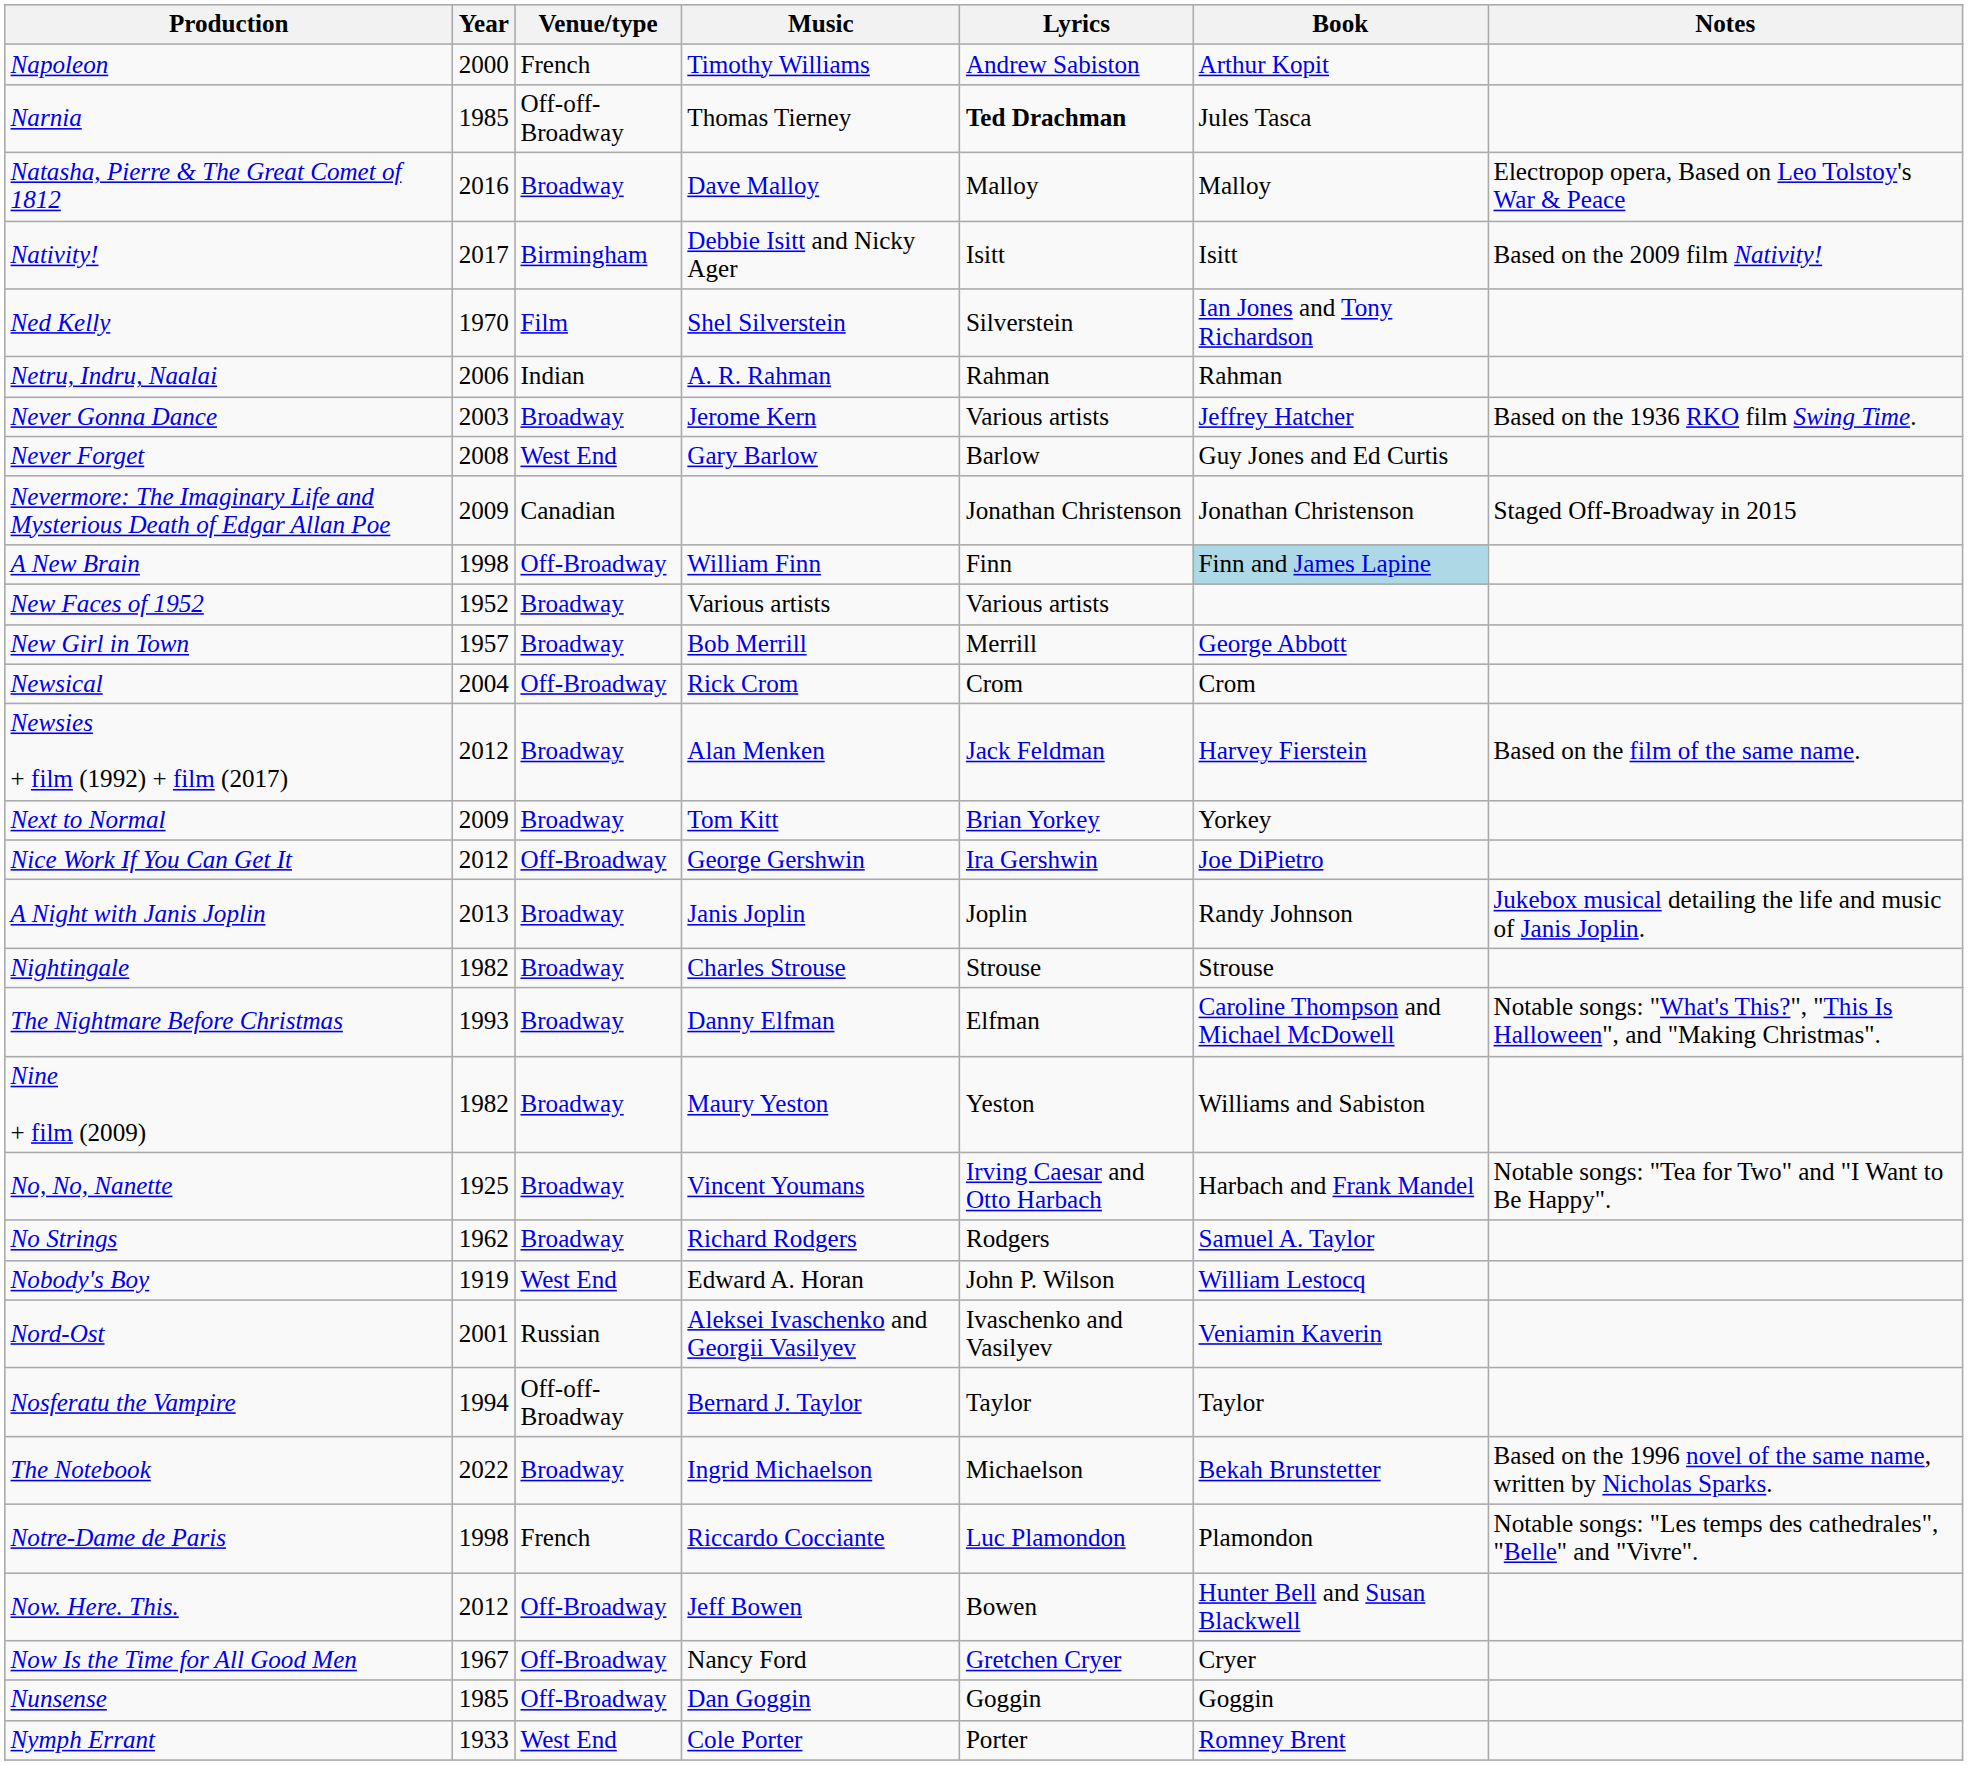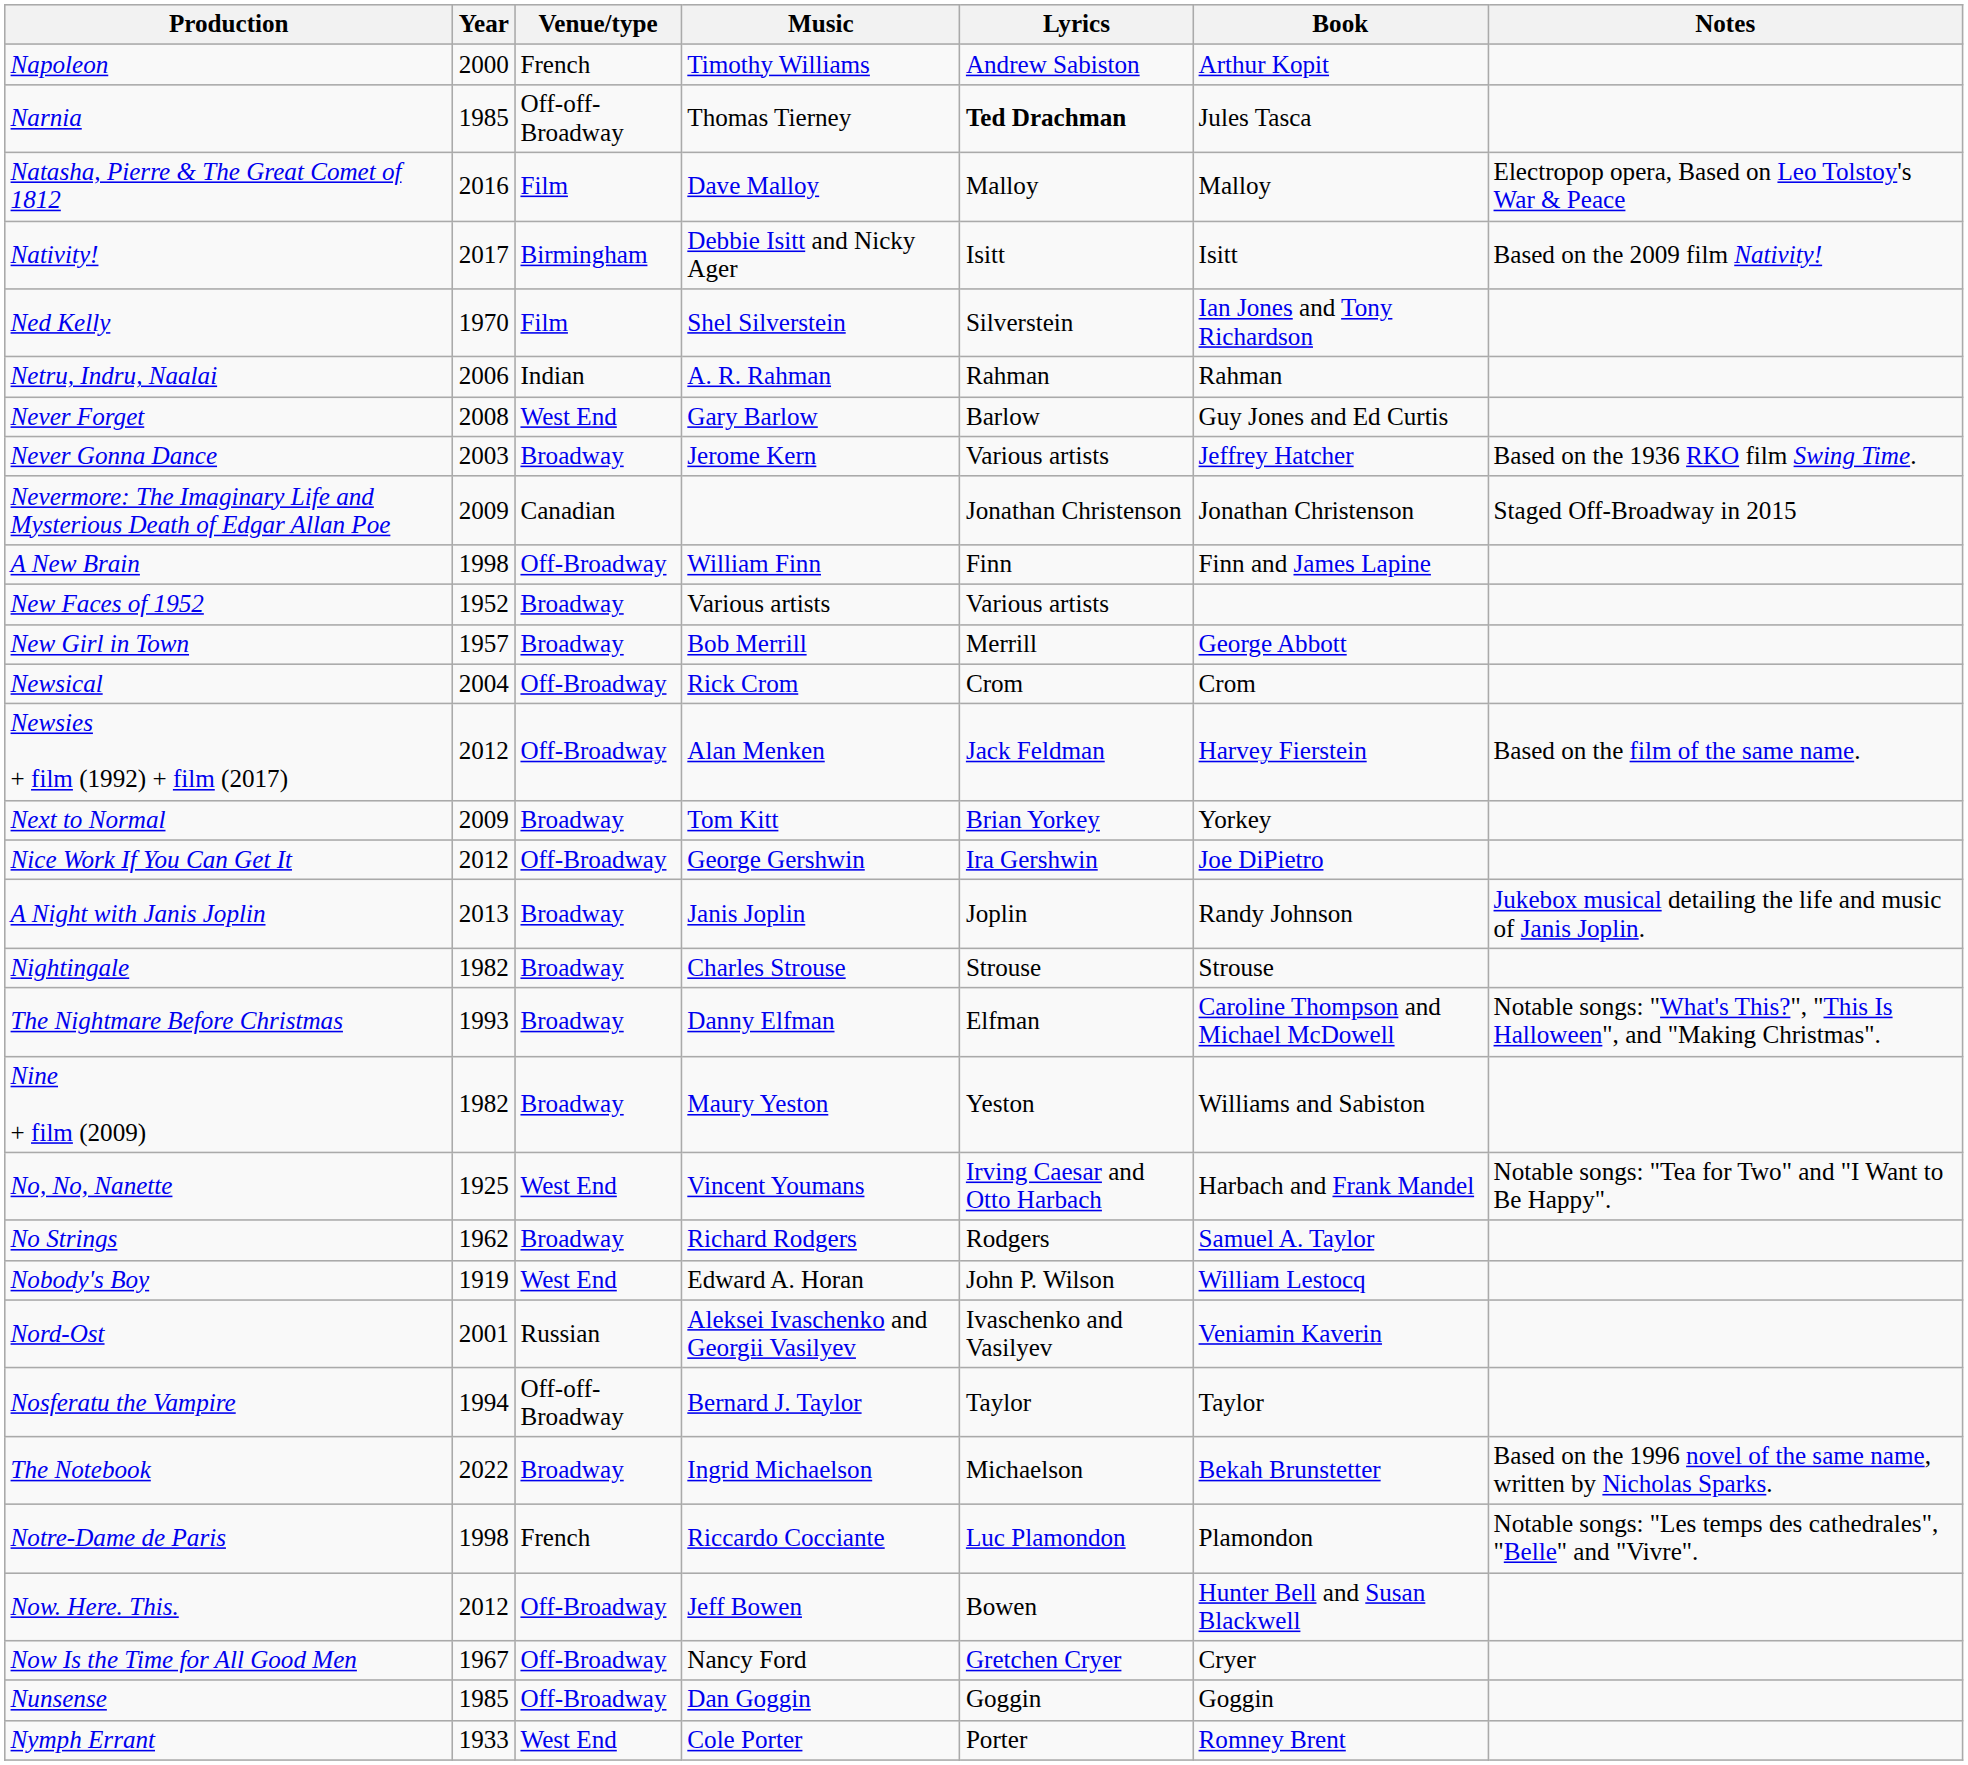 <table class="wikitable sortable">
 <tr>
 <th scope="col">Production</th>
 <th scope="col">Year</th>
 <th scope="col">Venue/type</th>
 <th scope="col">Music</th>
 <th scope="col">Lyrics</th>
 <th scope="col">Book</th>
 <th scope="col">Notes</th>
 </tr>
 <tr>
 <td><em><a href='#'>Napoleon</a></em></td>
 <td style="text-align: center">2000</td>
 <td>French</td>
 <td><a href='#'>Timothy Williams</a></td>
 <td><a href='#'>Andrew Sabiston</a></td>
 <td><a href='#'>Arthur Kopit</a></td>
 <td></td>
 </tr>
 <tr>
 <td><em><a href='#'>Narnia</a></em></td>
 <td style="text-align: center">1985</td>
 <td>Off-off-Broadway</td>
 <td>Thomas Tierney</td>
 <td><strong>Ted Drachman</strong></td>
 <td>Jules Tasca</td>
 <td></td>
 </tr>
 <tr>
 <td data-sort-value="Natasha Pierre and The Great Comet of 1812"><em><a href='#'>Natasha, Pierre & The Great Comet of 1812</a></em></td>
 <td style="text-align: center">2016</td>
-<td><a href='#'>Broadway</a></td>
+<td><a href='#'>Film</a></td>
 <td><a href='#'>Dave Malloy</a></td>
 <td>Malloy</td>
 <td>Malloy</td>
 <td>Electropop opera, Based on <a href='#'>Leo Tolstoy</a>'s <a href='#'>War & Peace</a></td>
 </tr>
 <tr>
 <td data-sort-value="Nativity"><em><a href='#'>Nativity!</a></em></td>
 <td style="text-align: center">2017</td>
 <td><a href='#'>Birmingham</a></td>
 <td><a href='#'>Debbie Isitt</a> and Nicky Ager</td>
 <td>Isitt</td>
 <td>Isitt</td>
 <td>Based on the 2009 film <em><a href='#'>Nativity!</a></em></td>
 </tr>
 <tr>
 <td><em><a href='#'>Ned Kelly</a></em></td>
 <td style="text-align: center">1970</td>
 <td><a href='#'>Film</a></td>
 <td><a href='#'>Shel Silverstein</a></td>
 <td>Silverstein</td>
 <td><a href='#'>Ian Jones</a> and <a href='#'>Tony Richardson</a></td>
 <td></td>
 </tr>
 <tr>
 <td data-sort-value="Netru Indru Naalai"><em><a href='#'>Netru, Indru, Naalai</a></em></td>
 <td style="text-align: center">2006</td>
 <td>Indian</td>
 <td><a href='#'>A. R. Rahman</a></td>
 <td>Rahman</td>
 <td>Rahman</td>
 <td></td>
 </tr>
 <tr>
+<td><em><a href='#'>Never Forget</a></em></td>
+<td style="text-align: center">2008</td>
+<td><a href='#'>West End</a></td>
+<td><a href='#'>Gary Barlow</a></td>
+<td>Barlow</td>
+<td>Guy Jones and Ed Curtis</td>
+<td></td>
+</tr>
+<tr>
 <td><em><a href='#'>Never Gonna Dance</a></em></td>
 <td style="text-align: center">2003</td>
 <td><a href='#'>Broadway</a></td>
 <td><a href='#'>Jerome Kern</a></td>
 <td>Various artists</td>
 <td><a href='#'>Jeffrey Hatcher</a></td>
 <td>Based on the 1936 <a href='#'>RKO</a> film <em><a href='#'>Swing Time</a></em>.</td>
-</tr>
-<tr>
-<td><em><a href='#'>Never Forget</a></em></td>
-<td style="text-align: center">2008</td>
-<td><a href='#'>West End</a></td>
-<td><a href='#'>Gary Barlow</a></td>
-<td>Barlow</td>
-<td>Guy Jones and Ed Curtis</td>
-<td></td>
 </tr>
 <tr>
 <td data-sort-value="Nevermore The Imaginary Life and Mysterious Death of Edgar Allan Poe"><em><a href='#'>Nevermore: The Imaginary Life and Mysterious Death of Edgar Allan Poe</a></em></td>
 <td style="text-align: center">2009</td>
 <td>Canadian</td>
 <td><em></em></td>
 <td>Jonathan Christenson</td>
 <td>Jonathan Christenson</td>
 <td>Staged Off-Broadway in 2015</td>
 </tr>
 <tr>
 <td data-sort-value="New Brain"><em><a href='#'>A New Brain</a></em></td>
 <td style="text-align: center">1998</td>
 <td><a href='#'>Off-Broadway</a></td>
 <td><a href='#'>William Finn</a></td>
 <td>Finn</td>
-<td style="background: lightblue;">Finn and <a href='#'>James Lapine</a></td>
+<td>Finn and <a href='#'>James Lapine</a></td>
 <td></td>
 </tr>
 <tr>
 <td><em><a href='#'>New Faces of 1952</a></em></td>
 <td style="text-align: center">1952</td>
 <td><a href='#'>Broadway</a></td>
 <td>Various artists</td>
 <td>Various artists</td>
 <td></td>
 <td></td>
 </tr>
 <tr>
 <td><em><a href='#'>New Girl in Town</a></em></td>
 <td style="text-align: center">1957</td>
 <td><a href='#'>Broadway</a></td>
 <td><a href='#'>Bob Merrill</a></td>
 <td>Merrill</td>
 <td><a href='#'>George Abbott</a></td>
 <td></td>
 </tr>
 <tr>
 <td><em><a href='#'>Newsical</a></em></td>
 <td style="text-align: center">2004</td>
 <td><a href='#'>Off-Broadway</a></td>
 <td><a href='#'>Rick Crom</a></td>
 <td>Crom</td>
 <td>Crom</td>
 <td></td>
 </tr>
 <tr>
 <td><em><a href='#'>Newsies</a></em> <br><br>+ <a href='#'>film</a> (1992)  + <a href='#'>film</a> (2017)</td>
 <td style="text-align: center">2012</td>
-<td><a href='#'>Broadway</a></td>
+<td><a href='#'>Off-Broadway</a></td>
 <td><a href='#'>Alan Menken</a></td>
 <td><a href='#'>Jack Feldman</a></td>
 <td><a href='#'>Harvey Fierstein</a></td>
 <td>Based on the <a href='#'>film of the same name</a>.</td>
 </tr>
 <tr>
 <td><em><a href='#'>Next to Normal</a></em></td>
 <td style="text-align: center">2009</td>
 <td><a href='#'>Broadway</a></td>
 <td><a href='#'>Tom Kitt</a></td>
 <td><a href='#'>Brian Yorkey</a></td>
 <td>Yorkey</td>
 <td></td>
 </tr>
 <tr>
 <td><em><a href='#'>Nice Work If You Can Get It</a></em></td>
 <td style="text-align: center">2012</td>
 <td><a href='#'>Off-Broadway</a></td>
 <td><a href='#'>George Gershwin</a></td>
 <td><a href='#'>Ira Gershwin</a></td>
 <td><a href='#'>Joe DiPietro</a></td>
 <td></td>
 </tr>
 <tr>
 <td data-sort-value="Night with Janis Joplin"><em><a href='#'>A Night with Janis Joplin</a></em></td>
 <td style="text-align: center">2013</td>
 <td><a href='#'>Broadway</a></td>
 <td><a href='#'>Janis Joplin</a></td>
 <td>Joplin</td>
 <td>Randy Johnson</td>
 <td><a href='#'>Jukebox musical</a> detailing the life and music of <a href='#'>Janis Joplin</a>.</td>
 </tr>
 <tr>
 <td><em><a href='#'>Nightingale</a></em></td>
 <td style="text-align: center">1982</td>
 <td><a href='#'>Broadway</a></td>
 <td><a href='#'>Charles Strouse</a></td>
 <td>Strouse</td>
 <td>Strouse</td>
 <td></td>
 </tr>
 <tr>
 <td data-sort-value="Nightmare Before Christmas"><em><a href='#'>The Nightmare Before Christmas</a></em></td>
 <td style="text-align: center">1993</td>
 <td><a href='#'>Broadway</a></td>
 <td><a href='#'>Danny Elfman</a></td>
 <td>Elfman</td>
 <td><a href='#'>Caroline Thompson</a> and <a href='#'>Michael McDowell</a></td>
 <td>Notable songs: "<a href='#'>What's This?</a>", "<a href='#'>This Is Halloween</a>", and "Making Christmas".</td>
 </tr>
 <tr>
 <td><em><a href='#'>Nine</a></em> <br><br>+ <a href='#'>film</a> (2009)</td>
 <td style="text-align: center">1982</td>
 <td><a href='#'>Broadway</a></td>
 <td><a href='#'>Maury Yeston</a></td>
 <td>Yeston</td>
 <td>Williams and Sabiston</td>
 <td></td>
 </tr>
 <tr>
 <td data-sort-value="No No Nanette"><em><a href='#'>No, No, Nanette</a></em></td>
 <td style="text-align: center">1925</td>
-<td><a href='#'>Broadway</a></td>
+<td><a href='#'>West End</a></td>
 <td><a href='#'>Vincent Youmans</a></td>
 <td><a href='#'>Irving Caesar</a> and <a href='#'>Otto Harbach</a></td>
 <td>Harbach and <a href='#'>Frank Mandel</a></td>
 <td>Notable songs: "Tea for Two" and "I Want to Be Happy".</td>
 </tr>
 <tr>
 <td><em><a href='#'>No Strings</a></em></td>
 <td style="text-align: center">1962</td>
 <td><a href='#'>Broadway</a></td>
 <td><a href='#'>Richard Rodgers</a></td>
 <td>Rodgers</td>
 <td><a href='#'>Samuel A. Taylor</a></td>
 <td></td>
 </tr>
 <tr>
 <td data-sort-value="Nobodys Boy"><em><a href='#'>Nobody's Boy</a></em></td>
 <td style="text-align: center">1919</td>
 <td><a href='#'>West End</a></td>
 <td>Edward A. Horan</td>
 <td>John P. Wilson</td>
 <td><a href='#'>William Lestocq</a></td>
 <td></td>
 </tr>
 <tr>
 <td data-sort-value="Nord Ost"><em><a href='#'>Nord-Ost</a></em></td>
 <td style="text-align: center">2001</td>
 <td>Russian</td>
 <td><a href='#'>Aleksei Ivaschenko</a> and <a href='#'>Georgii Vasilyev</a></td>
 <td>Ivaschenko and Vasilyev</td>
 <td><a href='#'>Veniamin Kaverin</a></td>
 <td></td>
 </tr>
 <tr>
 <td><em><a href='#'>Nosferatu the Vampire</a></em></td>
 <td style="text-align: center">1994</td>
 <td>Off-off-Broadway</td>
 <td><a href='#'>Bernard J. Taylor</a></td>
 <td>Taylor</td>
 <td>Taylor</td>
 <td></td>
 </tr>
 <tr>
 <td><em><a href='#'>The Notebook</a></em></td>
 <td style="text-align: center">2022</td>
 <td><a href='#'>Broadway</a></td>
 <td><a href='#'>Ingrid Michaelson</a></td>
 <td>Michaelson</td>
 <td><a href='#'>Bekah Brunstetter</a></td>
 <td>Based on the 1996 <a href='#'>novel of the same name</a>, written by <a href='#'>Nicholas Sparks</a>.</td>
 </tr>
 <tr>
 <td data-sort-value="Notre Dame de Paris"><em><a href='#'>Notre-Dame de Paris</a></em></td>
 <td style="text-align: center">1998</td>
 <td>French</td>
 <td><a href='#'>Riccardo Cocciante</a></td>
 <td><a href='#'>Luc Plamondon</a></td>
 <td>Plamondon</td>
 <td>Notable songs: "Les temps des cathedrales", "<a href='#'>Belle</a>" and "Vivre".</td>
 </tr>
 <tr>
 <td data-sort-value="Now Here This"><em><a href='#'>Now. Here. This.</a></em></td>
 <td style="text-align: center">2012</td>
 <td><a href='#'>Off-Broadway</a></td>
 <td><a href='#'>Jeff Bowen</a></td>
 <td>Bowen</td>
 <td><a href='#'>Hunter Bell</a> and <a href='#'>Susan Blackwell</a></td>
 <td></td>
 </tr>
 <tr>
 <td><em><a href='#'>Now Is the Time for All Good Men</a></em></td>
 <td style="text-align: center">1967</td>
 <td><a href='#'>Off-Broadway</a></td>
 <td>Nancy Ford</td>
 <td><a href='#'>Gretchen Cryer</a></td>
 <td>Cryer</td>
 <td></td>
 </tr>
 <tr>
 <td><em><a href='#'>Nunsense</a></em></td>
 <td style="text-align: center">1985</td>
 <td><a href='#'>Off-Broadway</a></td>
 <td><a href='#'>Dan Goggin</a></td>
 <td>Goggin</td>
 <td>Goggin</td>
 <td></td>
 </tr>
 <tr>
 <td><em><a href='#'>Nymph Errant</a></em></td>
 <td style="text-align: center">1933</td>
 <td><a href='#'>West End</a></td>
 <td><a href='#'>Cole Porter</a></td>
 <td>Porter</td>
 <td><a href='#'>Romney Brent</a></td>
 <td></td>
 </tr>
 </table>
